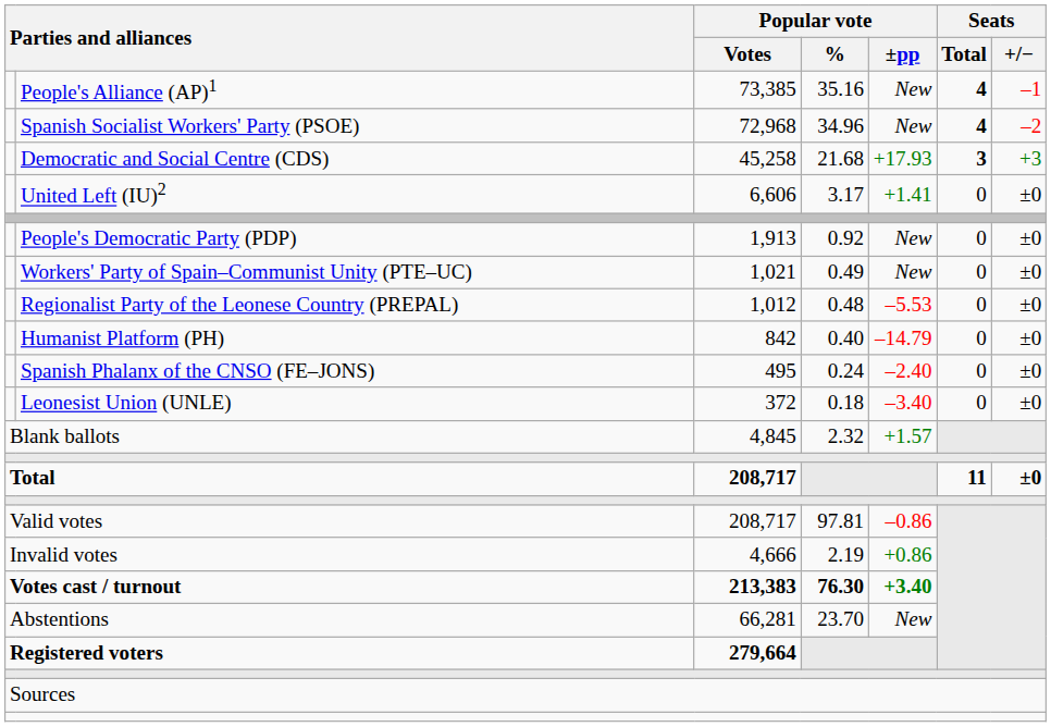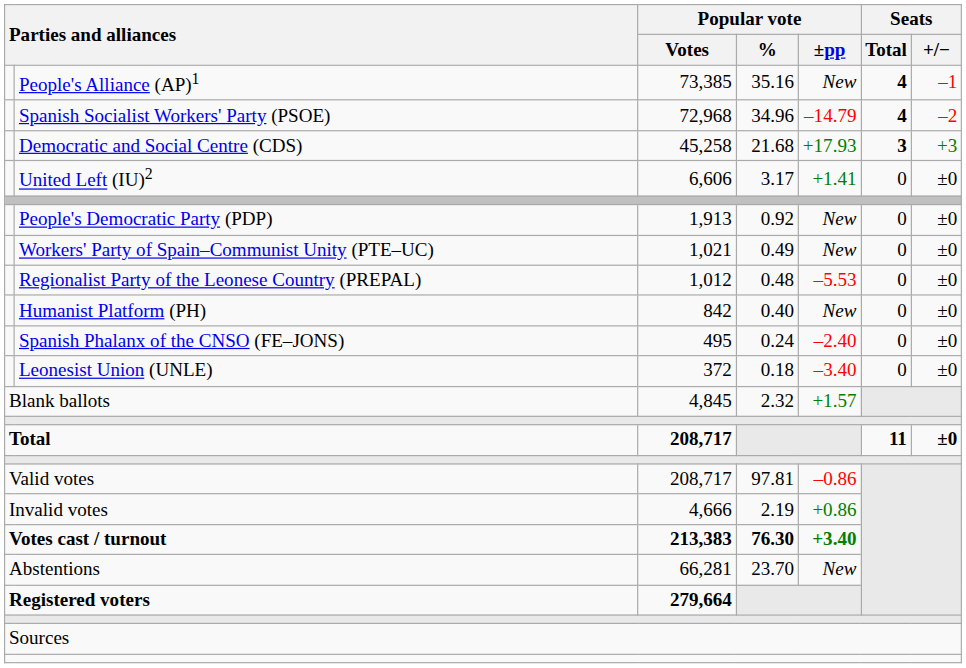 <table class="wikitable" style="text-align:right;">
 <tr>
 <th style="text-align:left;" rowspan="2" colspan="2" width="525">Parties and alliances</th>
 <th colspan="3">Popular vote</th>
 <th colspan="2">Seats</th>
 </tr>
 <tr>
 <th width="75">Votes</th>
 <th width="45">%</th>
 <th width="45">±<a href='#'>pp</a></th>
 <th width="35">Total</th>
 <th width="35">+/−</th>
 </tr>
 <tr>
 <td width="1" style="color:inherit;background:"></td>
 <td align="left"><a href='#'>People's Alliance</a> (AP)<sup>1</sup></td>
 <td>73,385</td>
 <td>35.16</td>
 <td><em>New</em></td>
 <td><strong>4</strong></td>
 <td style="color:red;">–1</td>
 </tr>
 <tr>
 <td style="color:inherit;background:"></td>
 <td align="left"><a href='#'>Spanish Socialist Workers' Party</a> (PSOE)</td>
 <td>72,968</td>
 <td>34.96</td>
-<td><em>New</em></td>
+<td style="color:red;">–14.79</td>
 <td><strong>4</strong></td>
 <td style="color:red;">–2</td>
 </tr>
 <tr>
 <td style="color:inherit;background:"></td>
 <td align="left"><a href='#'>Democratic and Social Centre</a> (CDS)</td>
 <td>45,258</td>
 <td>21.68</td>
 <td style="color:green;">+17.93</td>
 <td><strong>3</strong></td>
 <td style="color:green;">+3</td>
 </tr>
 <tr>
 <td style="color:inherit;background:"></td>
 <td align="left"><a href='#'>United Left</a> (IU)<sup>2</sup></td>
 <td>6,606</td>
 <td>3.17</td>
 <td style="color:green;">+1.41</td>
 <td>0</td>
 <td>±0</td>
 </tr>
 <tr>
 <td colspan="7" bgcolor="#C0C0C0"></td>
 </tr>
 <tr>
 <td style="color:inherit;background:"></td>
 <td align="left"><a href='#'>People's Democratic Party</a> (PDP)</td>
 <td>1,913</td>
 <td>0.92</td>
 <td><em>New</em></td>
 <td>0</td>
 <td>±0</td>
 </tr>
 <tr>
 <td style="color:inherit;background:"></td>
 <td align="left"><a href='#'>Workers' Party of Spain–Communist Unity</a> (PTE–UC)</td>
 <td>1,021</td>
 <td>0.49</td>
 <td><em>New</em></td>
 <td>0</td>
 <td>±0</td>
 </tr>
 <tr>
 <td style="color:inherit;background:"></td>
 <td align="left"><a href='#'>Regionalist Party of the Leonese Country</a> (PREPAL)</td>
 <td>1,012</td>
 <td>0.48</td>
 <td style="color:red;">–5.53</td>
 <td>0</td>
 <td>±0</td>
 </tr>
 <tr>
 <td style="color:inherit;background:"></td>
 <td align="left"><a href='#'>Humanist Platform</a> (PH)</td>
 <td>842</td>
 <td>0.40</td>
-<td style="color:red;">–14.79</td>
+<td><em>New</em></td>
 <td>0</td>
 <td>±0</td>
 </tr>
 <tr>
 <td style="color:inherit;background:"></td>
 <td align="left"><a href='#'>Spanish Phalanx of the CNSO</a> (FE–JONS)</td>
 <td>495</td>
 <td>0.24</td>
 <td style="color:red;">–2.40</td>
 <td>0</td>
 <td>±0</td>
 </tr>
 <tr>
 <td style="color:inherit;background:"></td>
 <td align="left"><a href='#'>Leonesist Union</a> (UNLE)</td>
 <td>372</td>
 <td>0.18</td>
 <td style="color:red;">–3.40</td>
 <td>0</td>
 <td>±0</td>
 </tr>
 <tr>
 <td align="left" colspan="2">Blank ballots</td>
 <td>4,845</td>
 <td>2.32</td>
 <td style="color:green;">+1.57</td>
 <td bgcolor="#E9E9E9" colspan="2"></td>
 </tr>
 <tr>
 <td colspan="7" bgcolor="#E9E9E9"></td>
 </tr>
 <tr style="font-weight:bold;">
 <td align="left" colspan="2">Total</td>
 <td>208,717</td>
 <td bgcolor="#E9E9E9" colspan="2"></td>
 <td>11</td>
 <td>±0</td>
 </tr>
 <tr>
 <td colspan="7" bgcolor="#E9E9E9"></td>
 </tr>
 <tr>
 <td align="left" colspan="2">Valid votes</td>
 <td>208,717</td>
 <td>97.81</td>
 <td style="color:red;">–0.86</td>
 <td bgcolor="#E9E9E9" colspan="2" rowspan="5"></td>
 </tr>
 <tr>
 <td align="left" colspan="2">Invalid votes</td>
 <td>4,666</td>
 <td>2.19</td>
 <td style="color:green;">+0.86</td>
 </tr>
 <tr style="font-weight:bold;">
 <td align="left" colspan="2">Votes cast / turnout</td>
 <td>213,383</td>
 <td>76.30</td>
 <td style="color:green;">+3.40</td>
 </tr>
 <tr>
 <td align="left" colspan="2">Abstentions</td>
 <td>66,281</td>
 <td>23.70</td>
 <td><em>New</em></td>
 </tr>
 <tr style="font-weight:bold;">
 <td align="left" colspan="2">Registered voters</td>
 <td>279,664</td>
 <td bgcolor="#E9E9E9" colspan="2"></td>
 </tr>
 <tr>
 <td colspan="7" bgcolor="#E9E9E9"></td>
 </tr>
 <tr>
 <td align="left" colspan="7">Sources</td>
 </tr>
 <tr>
 <td colspan="7" style="text-align:left; max-width:790px;"></td>
 </tr>
 </table>
